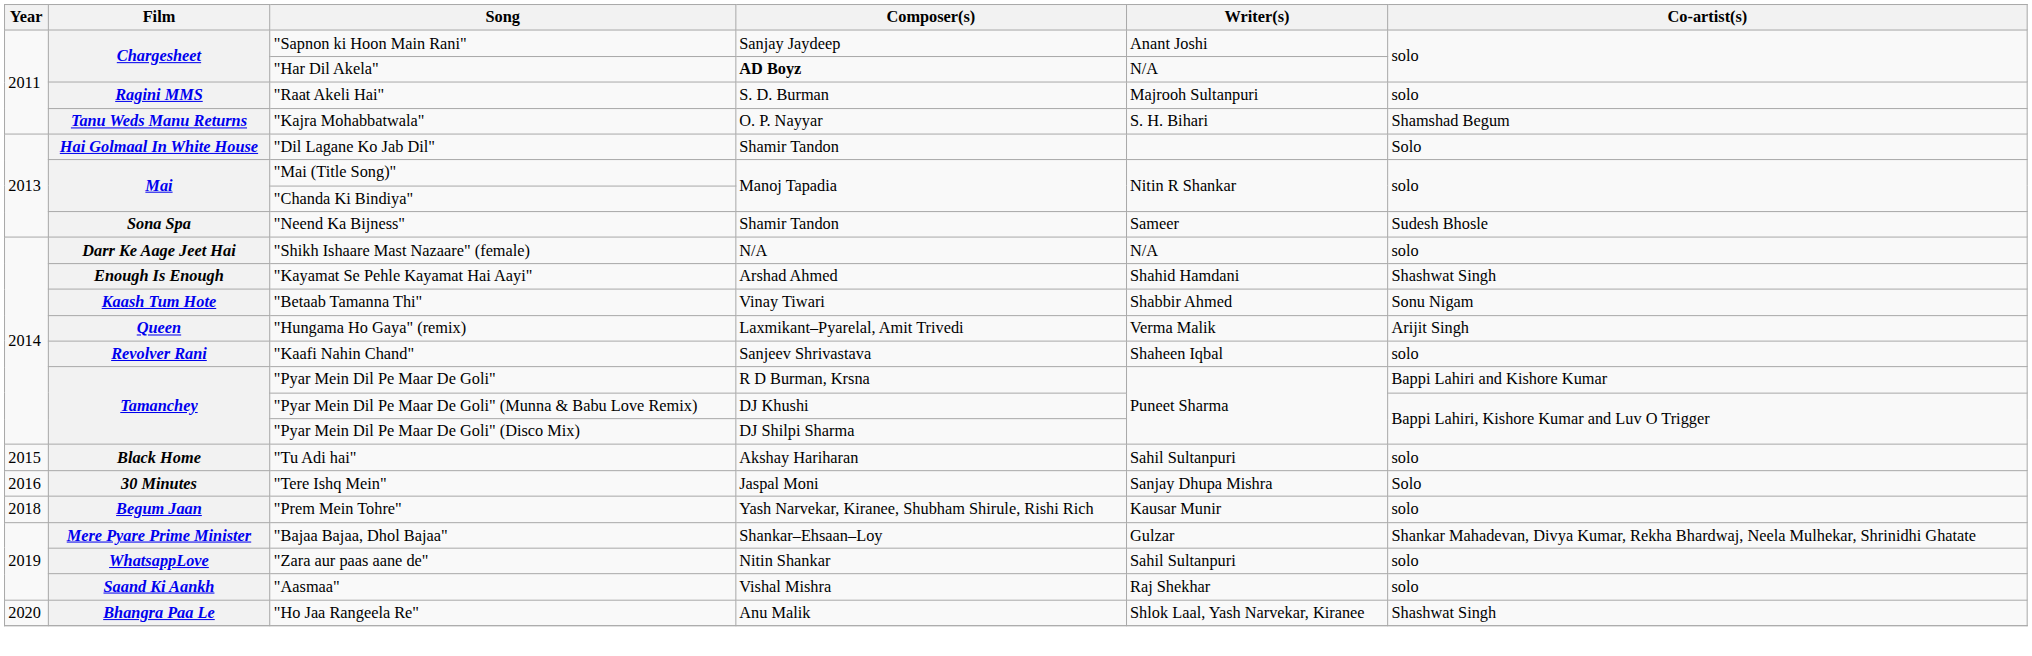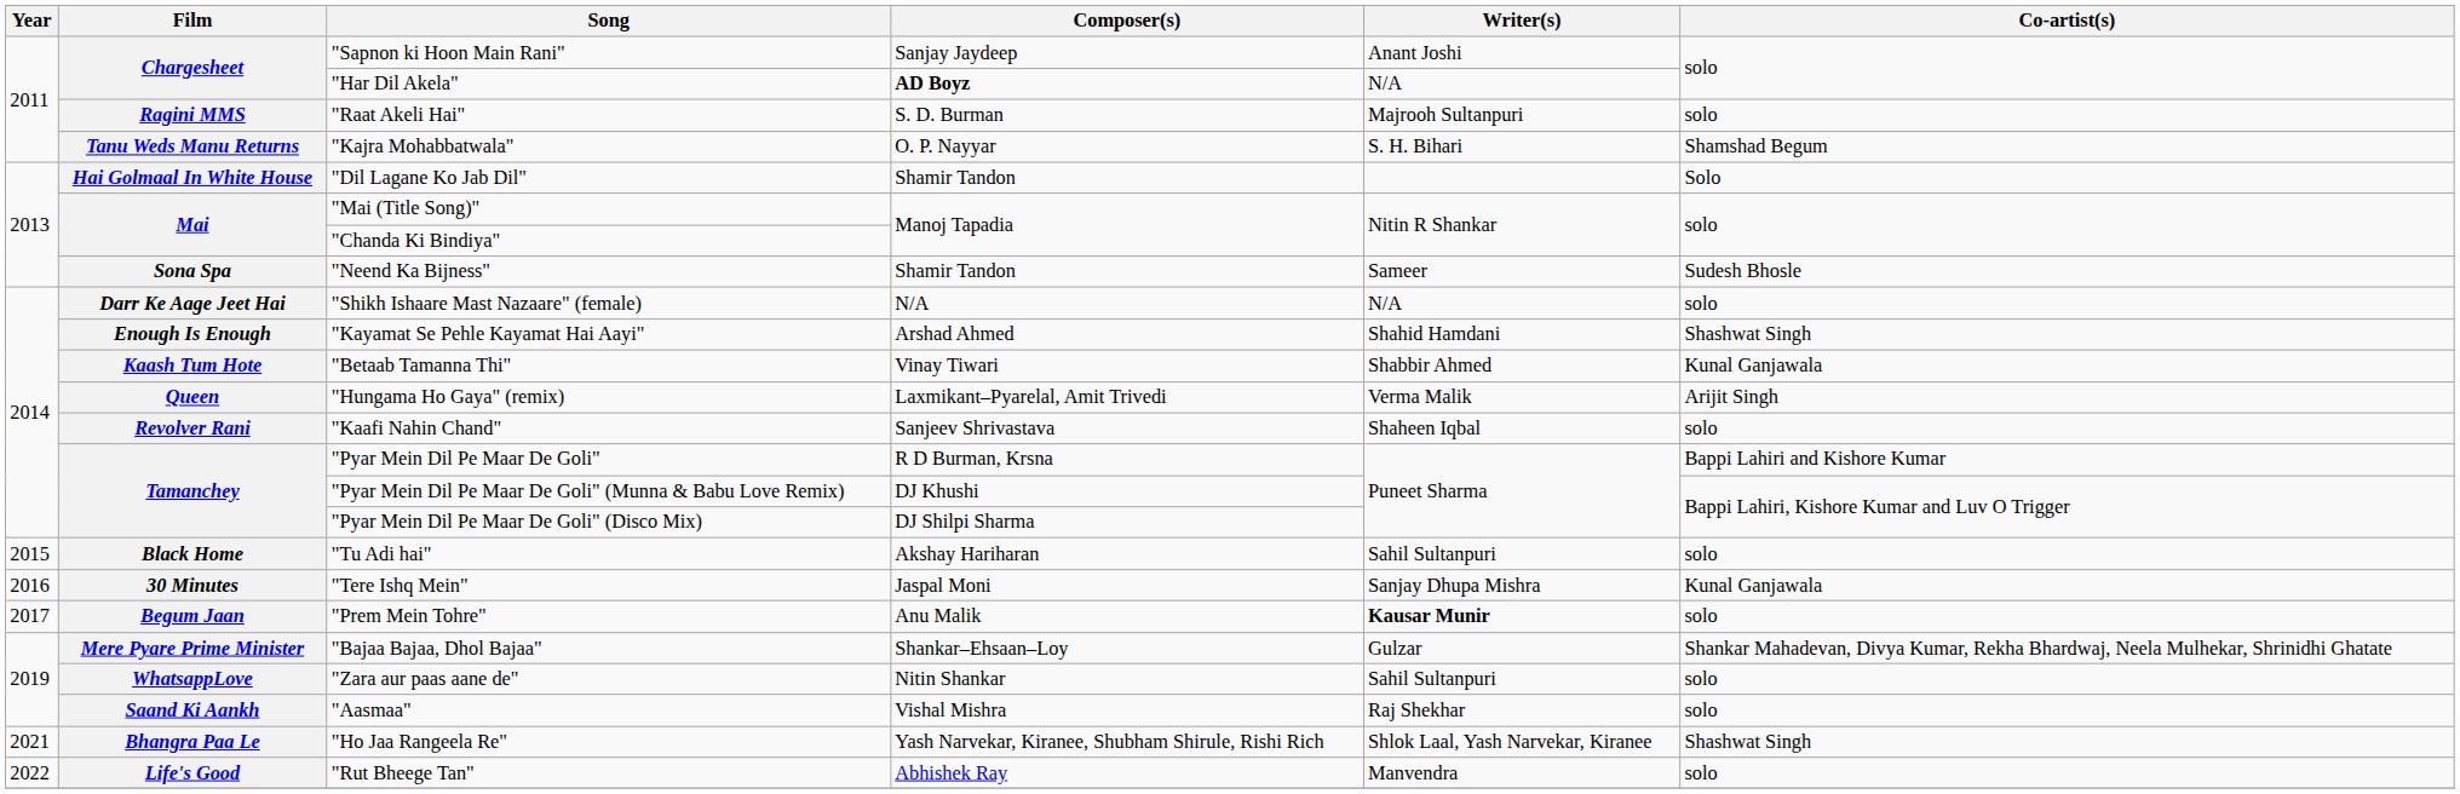 <table class="wikitable plainrowheaders" style="width:100%; textcolor:#000">
 <tr style="background:#b0e0e66;">
 <th scope="col">Year</th>
 <th scope="col">Film</th>
 <th scope="col">Song</th>
 <th scope="col">Composer(s)</th>
 <th scope="col">Writer(s)</th>
 <th scope="col">Co-artist(s)</th>
 </tr>
 <tr>
 <td rowspan=4>2011</td>
 <th Rowspan=2><em><a href='#'>Chargesheet</a></em></th>
 <td>"Sapnon ki Hoon Main Rani"</td>
 <td>Sanjay Jaydeep</td>
 <td>Anant Joshi</td>
 <td rowspan=2>solo</td>
 </tr>
 <tr>
 <td>"Har Dil Akela"</td>
 <td><strong>AD Boyz</strong></td>
 <td>N/A</td>
 </tr>
 <tr>
 <th><em><a href='#'>Ragini MMS</a></em></th>
 <td>"Raat Akeli Hai"</td>
 <td>S. D. Burman</td>
 <td>Majrooh Sultanpuri</td>
 <td>solo</td>
 </tr>
 <tr>
 <th><em><a href='#'>Tanu Weds Manu Returns</a></em></th>
 <td>"Kajra Mohabbatwala"</td>
 <td>O. P. Nayyar</td>
 <td>S. H. Bihari</td>
 <td>Shamshad Begum</td>
 </tr>
 <tr>
 <td rowspan=4>2013</td>
 <th><em><a href='#'>Hai Golmaal In White House</a></em></th>
 <td>"Dil Lagane Ko Jab Dil"</td>
 <td>Shamir Tandon</td>
 <td></td>
 <td>Solo</td>
 </tr>
 <tr>
 <th rowspan=2><em><a href='#'>Mai</a></em></th>
 <td>"Mai (Title Song)"</td>
 <td rowspan=2>Manoj Tapadia</td>
 <td rowspan=2>Nitin R Shankar</td>
 <td rowspan=2>solo</td>
 </tr>
 <tr>
 <td>"Chanda Ki Bindiya"</td>
 </tr>
 <tr>
 <th><em>Sona Spa</em></th>
 <td>"Neend Ka Bijness"</td>
 <td>Shamir Tandon</td>
 <td>Sameer</td>
 <td>Sudesh Bhosle</td>
 </tr>
 <tr>
 <td rowspan=8>2014</td>
 <th><em>Darr Ke Aage Jeet Hai</em></th>
 <td>"Shikh Ishaare Mast Nazaare" (female)</td>
 <td>N/A</td>
 <td>N/A</td>
 <td>solo</td>
 </tr>
 <tr>
 <th><em>Enough Is Enough</em></th>
 <td>"Kayamat Se Pehle Kayamat Hai Aayi"</td>
 <td>Arshad Ahmed</td>
 <td>Shahid Hamdani</td>
 <td>Shashwat Singh</td>
 </tr>
 <tr>
 <th><em><a href='#'>Kaash Tum Hote</a></em></th>
 <td>"Betaab Tamanna Thi"</td>
 <td>Vinay Tiwari</td>
 <td>Shabbir Ahmed</td>
-<td>Sonu Nigam</td>
+<td>Kunal Ganjawala</td>
 </tr>
 <tr>
 <th><em><a href='#'>Queen</a></em></th>
 <td>"Hungama Ho Gaya" (remix)</td>
 <td>Laxmikant–Pyarelal, Amit Trivedi</td>
 <td>Verma Malik</td>
 <td>Arijit Singh</td>
 </tr>
 <tr>
 <th><em><a href='#'>Revolver Rani</a></em></th>
 <td>"Kaafi Nahin Chand"</td>
 <td>Sanjeev Shrivastava</td>
 <td>Shaheen Iqbal</td>
 <td>solo</td>
 </tr>
 <tr>
 <th Rowspan=3><em><a href='#'>Tamanchey</a></em></th>
 <td>"Pyar Mein Dil Pe Maar De Goli"</td>
 <td>R D Burman, Krsna</td>
 <td rowspan=3>Puneet Sharma</td>
 <td>Bappi Lahiri and Kishore Kumar</td>
 </tr>
 <tr>
 <td>"Pyar Mein Dil Pe Maar De Goli" (Munna & Babu Love Remix)</td>
 <td>DJ Khushi</td>
 <td rowspan=2>Bappi Lahiri, Kishore Kumar and Luv O Trigger</td>
 </tr>
 <tr>
 <td>"Pyar Mein Dil Pe Maar De Goli" (Disco Mix)</td>
 <td>DJ Shilpi Sharma</td>
 </tr>
 <tr>
 <td>2015</td>
 <th><em>Black Home </em></th>
 <td>"Tu Adi hai"</td>
 <td>Akshay Hariharan</td>
 <td>Sahil Sultanpuri</td>
 <td>solo</td>
 </tr>
 <tr>
 <td>2016</td>
 <th><em>30 Minutes</em></th>
 <td>"Tere Ishq Mein"</td>
 <td>Jaspal Moni</td>
 <td>Sanjay Dhupa Mishra</td>
-<td>Solo</td>
+<td>Kunal Ganjawala</td>
 </tr>
 <tr>
-<td>2018</td>
+<td>2017</td>
 <th><em><a href='#'>Begum Jaan</a></em></th>
 <td>"Prem Mein Tohre"</td>
-<td>Yash Narvekar, Kiranee, Shubham Shirule, Rishi Rich</td>
-<td>Kausar Munir</td>
+<td>Anu Malik</td>
+<td><strong>Kausar Munir</strong></td>
 <td>solo</td>
 </tr>
 <tr>
 <td rowspan="3">2019</td>
 <th><em><a href='#'>Mere Pyare Prime Minister</a></em></th>
 <td>"Bajaa Bajaa, Dhol Bajaa"</td>
 <td>Shankar–Ehsaan–Loy</td>
 <td>Gulzar</td>
 <td>Shankar Mahadevan, Divya Kumar, Rekha Bhardwaj, Neela Mulhekar, Shrinidhi Ghatate</td>
 </tr>
 <tr>
 <th><em><a href='#'>WhatsappLove</a></em></th>
 <td>"Zara aur paas aane de"</td>
 <td>Nitin Shankar</td>
 <td>Sahil Sultanpuri</td>
 <td>solo</td>
 </tr>
 <tr>
 <th><em><a href='#'>Saand Ki Aankh</a></em></th>
 <td>"Aasmaa"</td>
 <td>Vishal Mishra</td>
 <td>Raj Shekhar</td>
 <td>solo</td>
 </tr>
 <tr>
-<td>2020</td>
+<td>2021</td>
 <th><em><a href='#'>Bhangra Paa Le</a></em></th>
 <td>"Ho Jaa Rangeela Re"</td>
-<td>Anu Malik</td>
+<td>Yash Narvekar, Kiranee, Shubham Shirule, Rishi Rich</td>
 <td>Shlok Laal, Yash Narvekar, Kiranee</td>
 <td>Shashwat Singh</td>
 </tr>
 <tr>
+<td>2022</td>
+<th><em><a href='#'>Life's Good</a></em></th>
+<td>"Rut Bheege Tan"</td>
+<td><a href='#'>Abhishek Ray</a></td>
+<td>Manvendra</td>
+<td>solo</td>
+</tr>
+<tr>
 </tr>
 </table>
